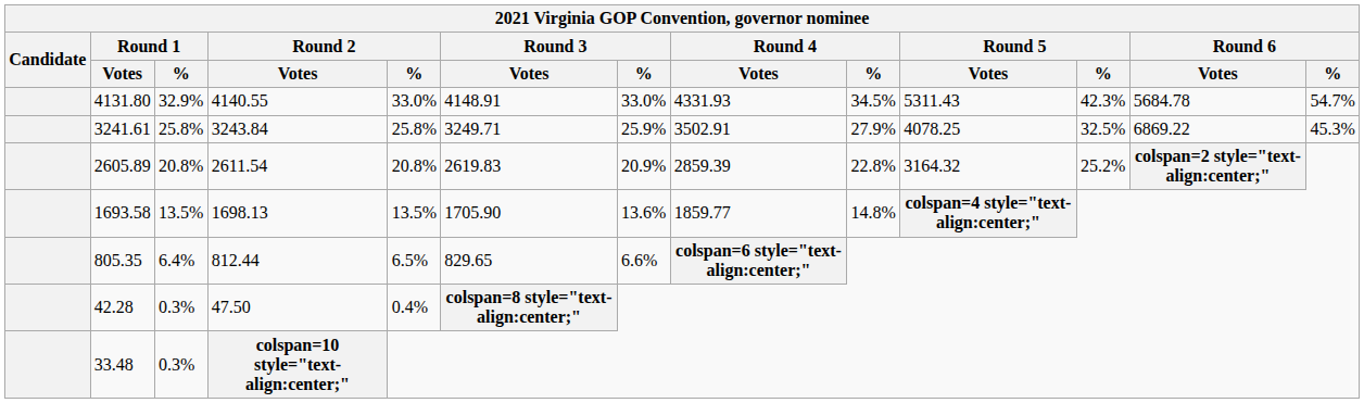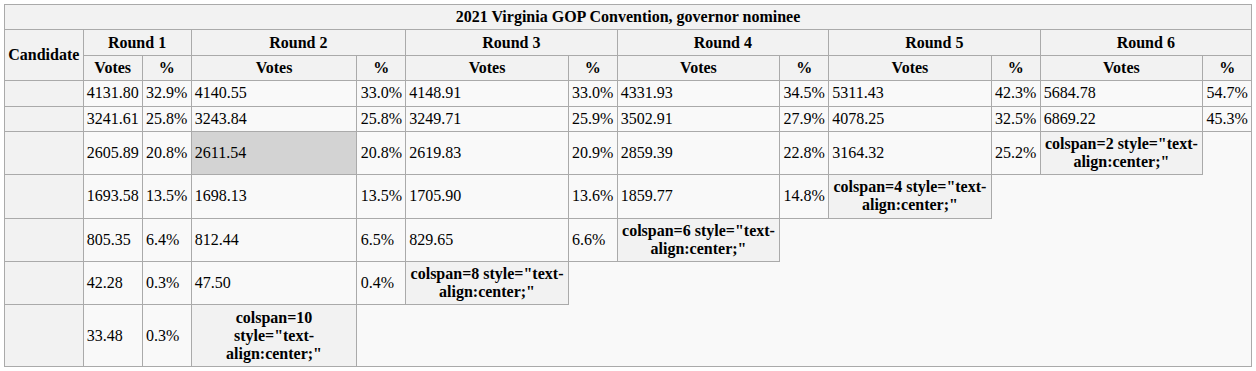 <table class="wikitable sortable">
 <tr>
 <th colspan=" 13 ">2021 Virginia GOP Convention, governor nominee</th>
 </tr>
 <tr style="background:#eee; text-align:center;">
 <th rowspan=2 style="text-align:center;">Candidate</th>
 <th colspan=2 style="text-align:center;">Round 1</th>
 <th colspan=2 style="text-align:center;">Round 2</th>
 <th colspan=2 style="text-align:center;">Round 3</th>
 <th colspan=2 style="text-align:center;">Round 4</th>
 <th colspan=2 style="text-align:center;">Round 5</th>
 <th colspan=2 style="text-align:center;">Round 6</th>
 </tr>
 <tr>
 <th>Votes</th>
 <th>%</th>
 <th>Votes</th>
 <th>%</th>
 <th>Votes</th>
 <th>%</th>
 <th>Votes</th>
 <th>%</th>
 <th>Votes</th>
 <th>%</th>
 <th>Votes</th>
 <th>%</th>
 </tr>
 <tr>
 <th scope="row" style="text-align:left;"></th>
 <td>4131.80</td>
 <td>32.9%</td>
 <td>4140.55</td>
 <td>33.0%</td>
 <td>4148.91</td>
 <td>33.0%</td>
 <td>4331.93</td>
 <td>34.5%</td>
 <td>5311.43</td>
 <td>42.3%</td>
 <td>5684.78</td>
 <td> 54.7%</td>
 </tr>
 <tr>
 <th scope="row" style="text-align:left;"></th>
 <td>3241.61</td>
 <td>25.8%</td>
 <td>3243.84</td>
 <td>25.8%</td>
 <td>3249.71</td>
 <td>25.9%</td>
 <td>3502.91</td>
 <td>27.9%</td>
 <td>4078.25</td>
 <td>32.5%</td>
 <td> 6869.22</td>
 <td>45.3%</td>
 </tr>
 <tr>
 <th scope="row" style="text-align:left;"></th>
 <td>2605.89</td>
 <td>20.8%</td>
-<td>2611.54</td>
+<td style="background: lightgrey;">2611.54</td>
 <td>20.8%</td>
 <td>2619.83</td>
 <td>20.9%</td>
 <td>2859.39</td>
 <td>22.8%</td>
 <td>3164.32</td>
 <td>25.2%</td>
 <th>colspan=2 style="text-align:center;" </th>
 </tr>
 <tr>
 <th scope="row" style="text-align:left;"></th>
 <td>1693.58</td>
 <td>13.5%</td>
 <td>1698.13</td>
 <td>13.5%</td>
 <td>1705.90</td>
 <td>13.6%</td>
 <td>1859.77</td>
 <td>14.8%</td>
 <th>colspan=4 style="text-align:center;" </th>
 </tr>
 <tr>
 <th scope="row" style="text-align:left;"></th>
 <td>805.35</td>
 <td>6.4%</td>
 <td>812.44</td>
 <td>6.5%</td>
 <td>829.65</td>
 <td>6.6%</td>
 <th>colspan=6 style="text-align:center;" </th>
 </tr>
 <tr>
 <th scope="row" style="text-align:left;"></th>
 <td>42.28</td>
 <td>0.3%</td>
 <td>47.50</td>
 <td>0.4%</td>
 <th>colspan=8 style="text-align:center;" </th>
 </tr>
 <tr>
 <th scope="row" style="text-align:left;"></th>
 <td>33.48</td>
 <td>0.3%</td>
 <th>colspan=10 style="text-align:center;" </th>
 </tr>
 </table>
